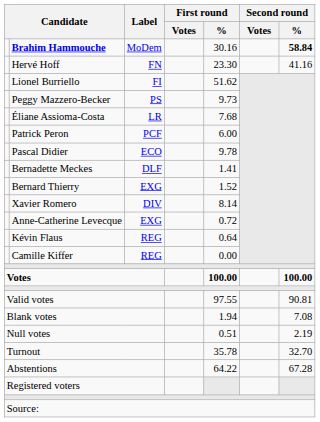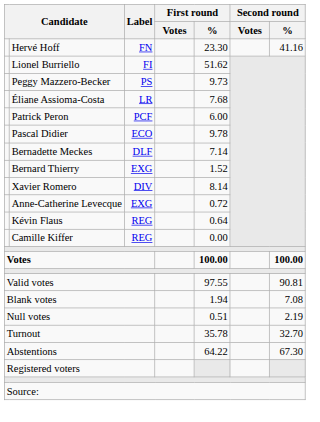 <table class="wikitable" style="text-align:right;font-size:95%;">
 <tr>
 <th rowspan="2" colspan="2">Candidate</th>
 <th rowspan="2">Label</th>
 <th colspan="2">First round</th>
 <th colspan="2">Second round</th>
 </tr>
 <tr>
 <th style="width:50px;">Votes</th>
 <th style="width:45px;">%</th>
 <th style="width:50px;">Votes</th>
 <th style="width:45px;">%</th>
-</tr>
-<tr>
-<td style="color:inherit;background:"></td>
-<td style="text-align:left;"><strong><a href='#'>Brahim Hammouche</a></strong></td>
-<td><a href='#'>MoDem</a></td>
-<td></td>
-<td>30.16</td>
-<td><strong></strong></td>
-<td><strong>58.84</strong></td>
 </tr>
 <tr>
 <td style="color:inherit;background:"></td>
 <td style="text-align:left;">Hervé Hoff</td>
 <td><a href='#'>FN</a></td>
 <td></td>
 <td>23.30</td>
 <td></td>
 <td>41.16</td>
 </tr>
 <tr>
 <td style="color:inherit;background:"></td>
 <td style="text-align:left;">Lionel Burriello</td>
 <td><a href='#'>FI</a></td>
 <td></td>
 <td>51.62</td>
 <td colspan="2" rowspan="11" style="background:#E9E9E9;"></td>
 </tr>
 <tr>
 <td style="color:inherit;background:"></td>
 <td style="text-align:left;">Peggy Mazzero-Becker</td>
 <td><a href='#'>PS</a></td>
 <td></td>
 <td>9.73</td>
 </tr>
 <tr>
 <td style="color:inherit;background:"></td>
 <td style="text-align:left;">Éliane Assioma-Costa</td>
 <td><a href='#'>LR</a></td>
 <td></td>
 <td>7.68</td>
 </tr>
 <tr>
 <td style="color:inherit;background:"></td>
 <td style="text-align:left;">Patrick Peron</td>
 <td><a href='#'>PCF</a></td>
 <td></td>
 <td>6.00</td>
 </tr>
 <tr>
 <td style="color:inherit;background:"></td>
 <td style="text-align:left;">Pascal Didier</td>
 <td><a href='#'>ECO</a></td>
 <td></td>
 <td>9.78</td>
 </tr>
 <tr>
 <td style="color:inherit;background:"></td>
 <td style="text-align:left;">Bernadette Meckes</td>
 <td><a href='#'>DLF</a></td>
 <td></td>
-<td>1.41</td>
+<td>7.14</td>
 </tr>
 <tr>
 <td style="color:inherit;background:"></td>
 <td style="text-align:left;">Bernard Thierry</td>
 <td><a href='#'>EXG</a></td>
 <td></td>
 <td>1.52</td>
 </tr>
 <tr>
 <td style="color:inherit;background:"></td>
 <td style="text-align:left;">Xavier Romero</td>
 <td><a href='#'>DIV</a></td>
 <td></td>
 <td>8.14</td>
 </tr>
 <tr>
 <td style="color:inherit;background:"></td>
 <td style="text-align:left;">Anne-Catherine Levecque</td>
 <td><a href='#'>EXG</a></td>
 <td></td>
 <td>0.72</td>
 </tr>
 <tr>
 <td style="color:inherit;background:"></td>
 <td style="text-align:left;">Kévin Flaus</td>
 <td><a href='#'>REG</a></td>
 <td></td>
 <td>0.64</td>
 </tr>
 <tr>
 <td style="color:inherit;background:"></td>
 <td style="text-align:left;">Camille Kiffer</td>
 <td><a href='#'>REG</a></td>
 <td></td>
 <td>0.00</td>
 </tr>
 <tr>
 <td colspan="7" style="background:#E9E9E9;"></td>
 </tr>
 <tr style="font-weight:bold;">
 <td colspan="3" style="text-align:left;">Votes</td>
 <td></td>
 <td>100.00</td>
 <td></td>
 <td>100.00</td>
 </tr>
 <tr>
 <td colspan="7" style="background:#E9E9E9;"></td>
 </tr>
 <tr>
 <td colspan="3" style="text-align:left;">Valid votes</td>
 <td></td>
 <td>97.55</td>
 <td></td>
 <td>90.81</td>
 </tr>
 <tr>
 <td colspan="3" style="text-align:left;">Blank votes</td>
 <td></td>
 <td>1.94</td>
 <td></td>
 <td>7.08</td>
 </tr>
 <tr>
 <td colspan="3" style="text-align:left;">Null votes</td>
 <td></td>
 <td>0.51</td>
 <td></td>
 <td>2.19</td>
 </tr>
 <tr>
 <td colspan="3" style="text-align:left;">Turnout</td>
 <td></td>
 <td>35.78</td>
 <td></td>
 <td>32.70</td>
 </tr>
 <tr>
 <td colspan="3" style="text-align:left;">Abstentions</td>
 <td></td>
 <td>64.22</td>
 <td></td>
-<td>67.28</td>
+<td>67.30</td>
 </tr>
 <tr>
 <td colspan="3" style="text-align:left;">Registered voters</td>
 <td></td>
 <td style="background:#E9E9E9;"></td>
 <td></td>
 <td style="background:#E9E9E9;"></td>
 </tr>
 <tr>
 <td colspan="7" style="background:#E9E9E9;"></td>
 </tr>
 <tr>
 <td colspan="7" style="text-align:left;">Source: </td>
 </tr>
 </table>
